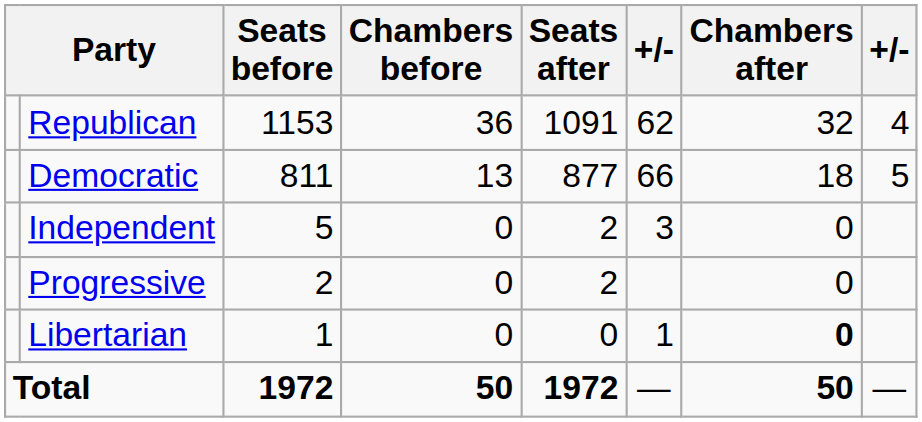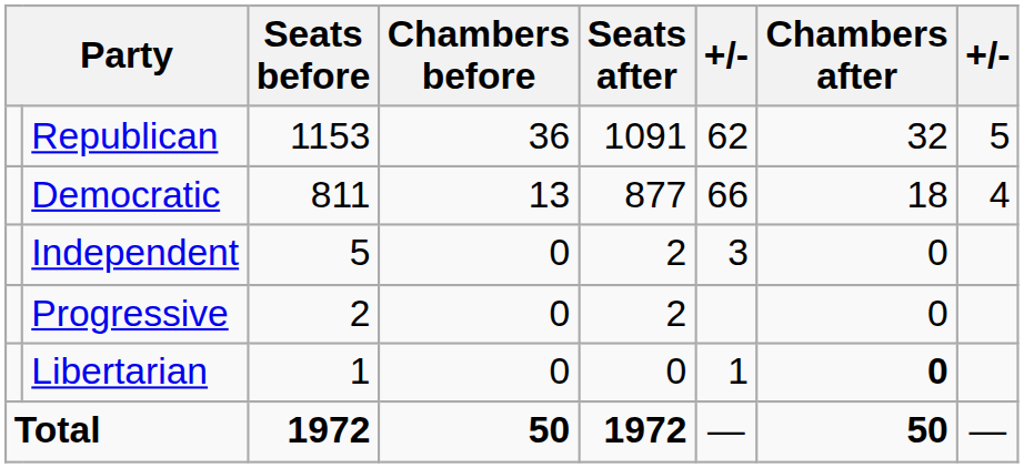 <table class="wikitable">
 <tr>
 <th colspan="2">Party</th>
 <th>Seats<br>before</th>
 <th>Chambers<br>before</th>
 <th>Seats<br>after</th>
 <th>+/-</th>
 <th>Chambers<br>after</th>
 <th>+/-</th>
 </tr>
 <tr>
 <td style="background:"></td>
 <td><a href='#'>Republican</a></td>
 <td align="right">1153</td>
 <td align="right">36</td>
 <td align="right">1091</td>
 <td align="right"> 62</td>
 <td align="right">32</td>
-<td align="right"> 4</td>
+<td align="right"> 5</td>
 </tr>
 <tr>
 <td style="background:"></td>
 <td><a href='#'>Democratic</a></td>
 <td align="right">811</td>
 <td align="right">13</td>
 <td align="right">877</td>
 <td align="right"> 66</td>
 <td align="right">18</td>
-<td align="right"> 5</td>
+<td align="right"> 4</td>
 </tr>
 <tr>
 <td style="background:"></td>
 <td><a href='#'>Independent</a></td>
 <td align="right">5</td>
 <td align="right">0</td>
 <td align="right">2</td>
 <td align="right"> 3</td>
 <td align="right">0</td>
 <td align="center"></td>
 </tr>
 <tr>
 <td style="background:"></td>
 <td><a href='#'>Progressive</a></td>
 <td align="right">2</td>
 <td align="right">0</td>
 <td align="right">2</td>
 <td align="center"></td>
 <td align="right">0</td>
 <td align="center"></td>
 </tr>
 <tr>
 <td style="background:"></td>
 <td><a href='#'>Libertarian</a></td>
 <td align="right">1</td>
 <td align="right">0</td>
 <td align="right">0</td>
 <td align="right"> 1</td>
 <td align="right"><strong>0</strong></td>
 <td align="center"></td>
 </tr>
 <tr>
 <td colspan="2"><strong>Total</strong></td>
 <td align="right"><strong>1972</strong></td>
 <td align="right"><strong>50</strong></td>
 <td align="right"><strong>1972</strong></td>
 <td align="center">—</td>
 <td align="right"><strong>50</strong></td>
 <td align="center">—</td>
 </tr>
 </table>
